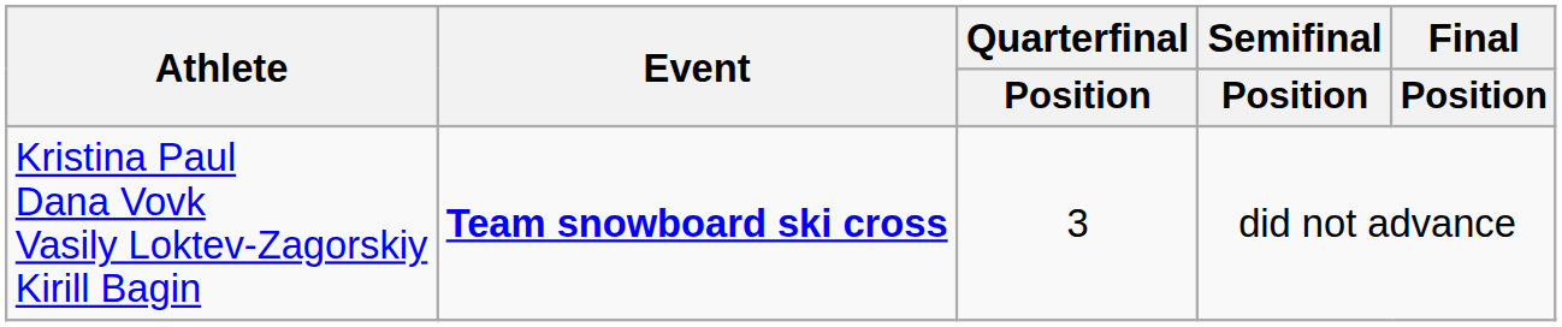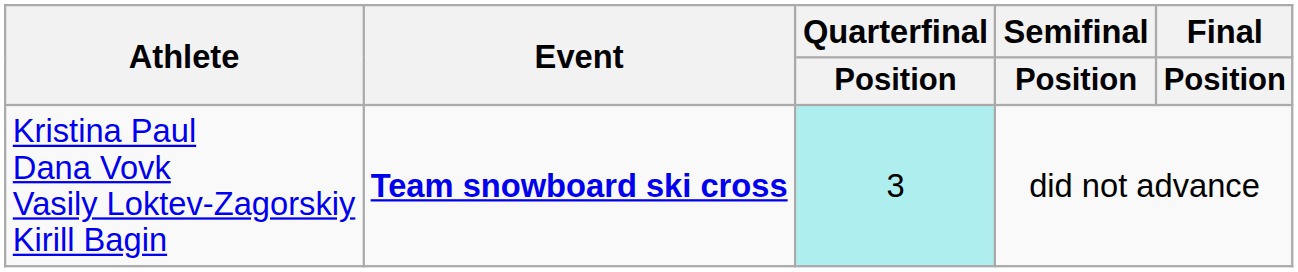 <table class="wikitable" style="font-size:90%">
 <tr>
 <th rowspan=2>Athlete</th>
 <th rowspan=2>Event</th>
 <th>Quarterfinal</th>
 <th>Semifinal</th>
 <th>Final</th>
 </tr>
 <tr style="font-size:95%">
 <th>Position</th>
 <th>Position</th>
 <th>Position</th>
 </tr>
 <tr align=center>
 <td align=left><a href='#'>Kristina Paul</a><br><a href='#'>Dana Vovk</a><br><a href='#'>Vasily Loktev-Zagorskiy</a><br><a href='#'>Kirill Bagin</a></td>
 <td align=left><strong><a href='#'>Team snowboard ski cross</a></strong></td>
-<td>3</td>
+<td style="background: paleturquoise;">3</td>
 <td colspan=2>did not advance</td>
 </tr>
 </table>
